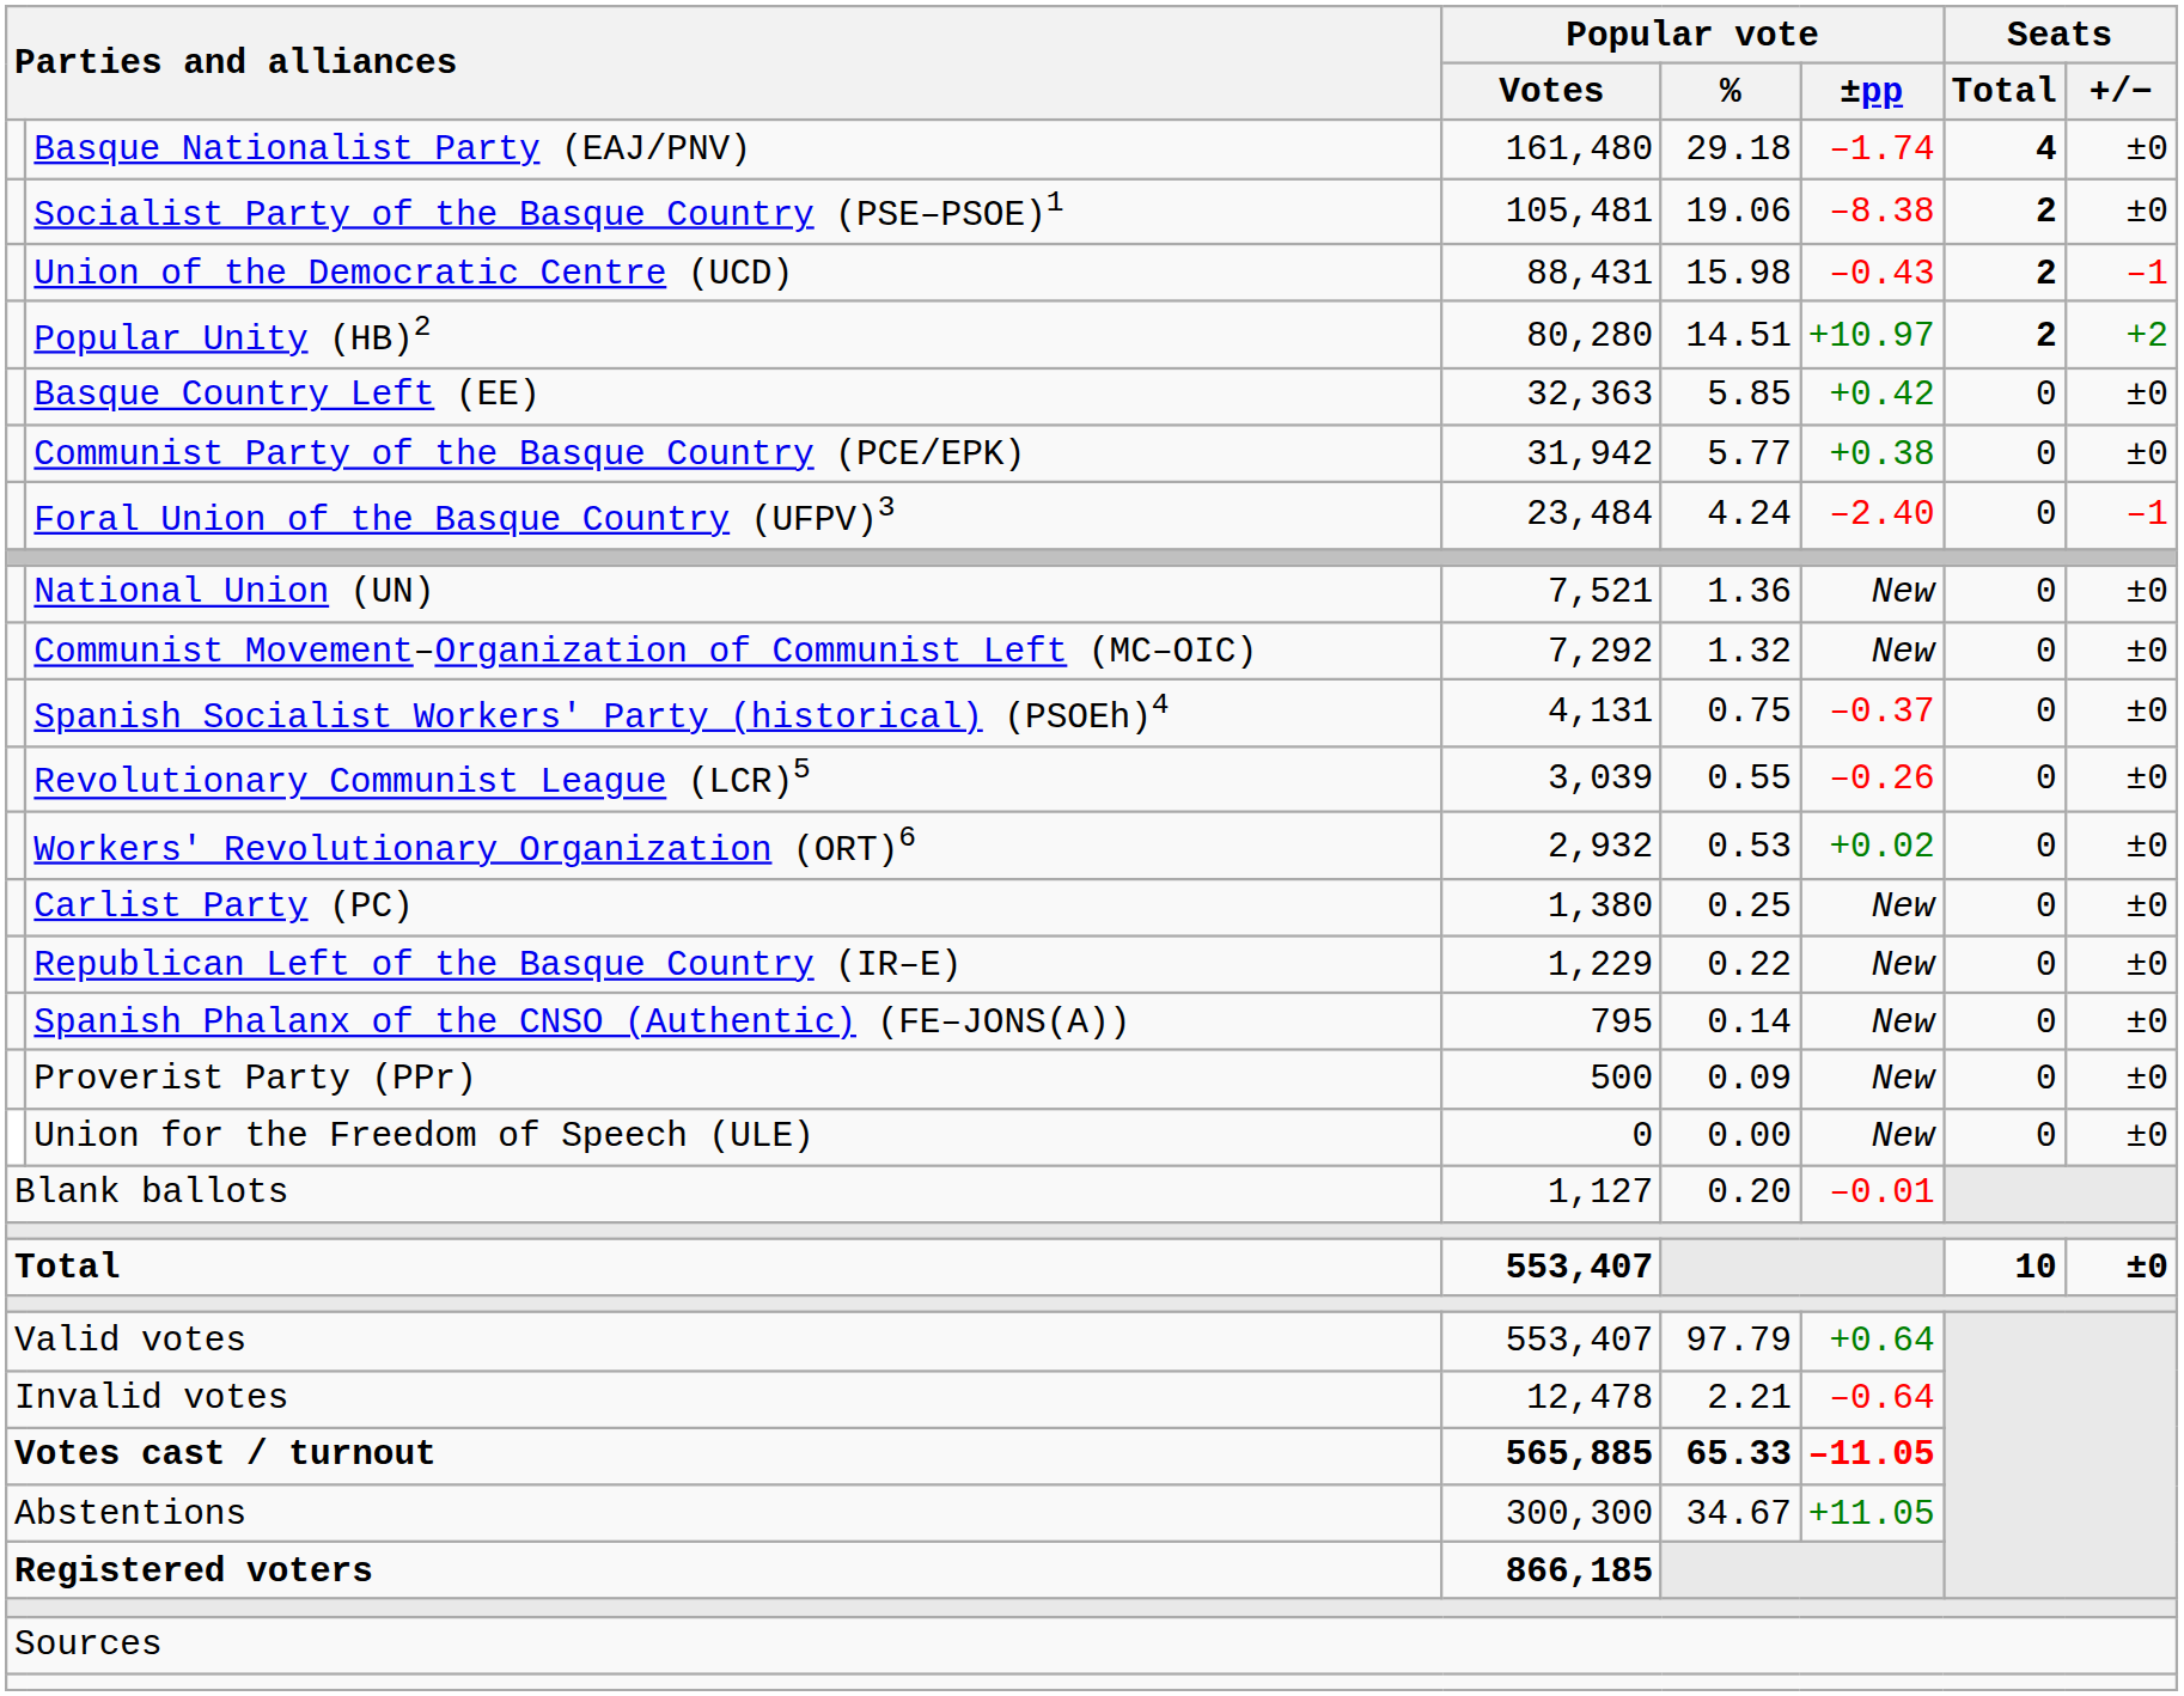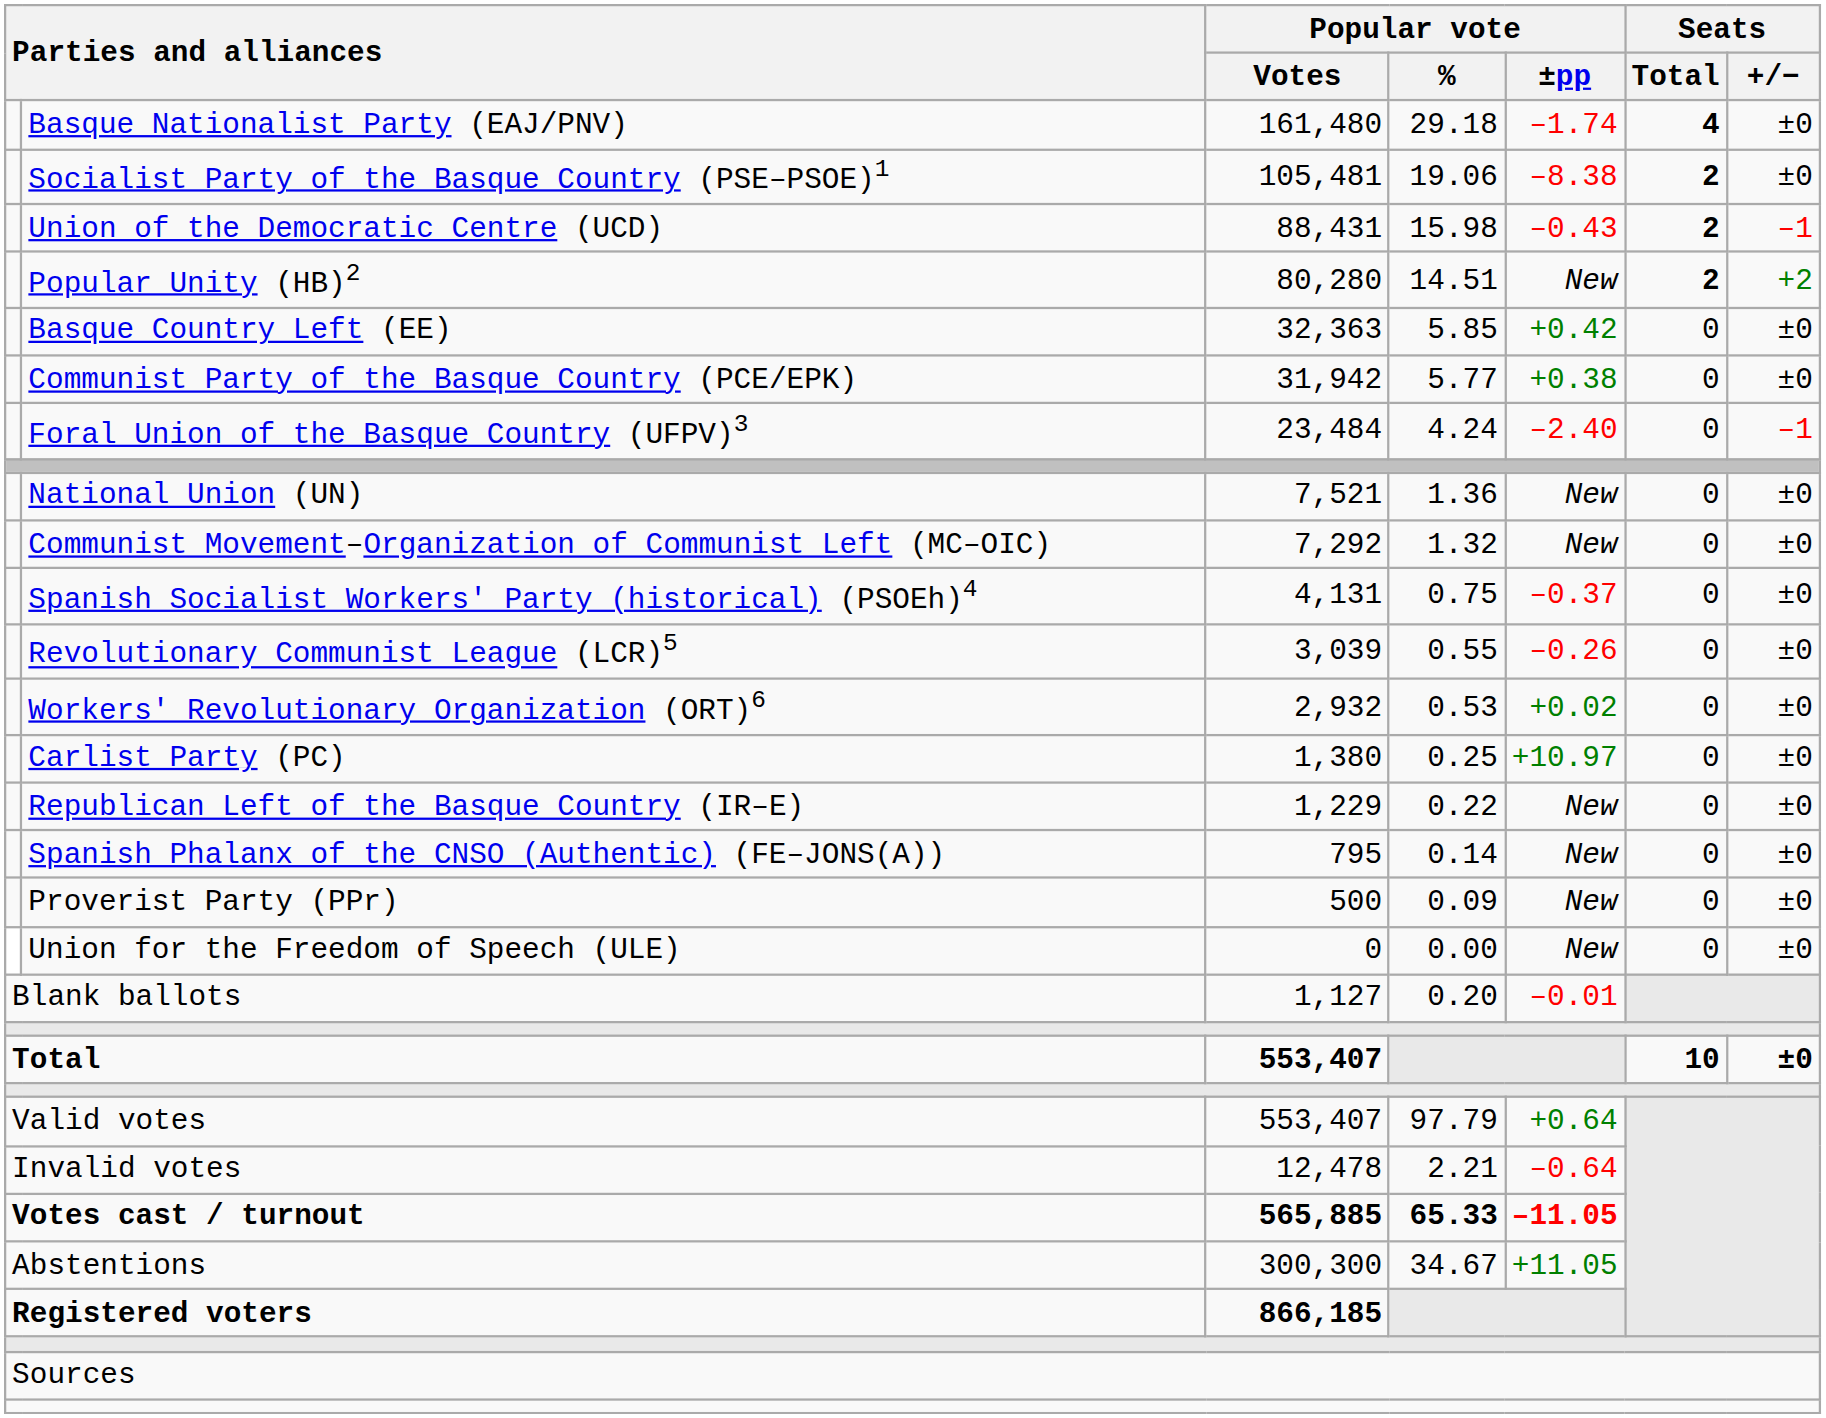 <table class="wikitable" style="text-align:right;">
 <tr>
 <th style="text-align:left;" rowspan="2" colspan="2" width="525">Parties and alliances</th>
 <th colspan="3">Popular vote</th>
 <th colspan="2">Seats</th>
 </tr>
 <tr>
 <th width="75">Votes</th>
 <th width="45">%</th>
 <th width="45">±<a href='#'>pp</a></th>
 <th width="35">Total</th>
 <th width="35">+/−</th>
 </tr>
 <tr>
 <td width="1" style="color:inherit;background:"></td>
 <td align="left"><a href='#'>Basque Nationalist Party</a> (EAJ/PNV)</td>
 <td>161,480</td>
 <td>29.18</td>
 <td style="color:red;">–1.74</td>
 <td><strong>4</strong></td>
 <td>±0</td>
 </tr>
 <tr>
 <td style="color:inherit;background:"></td>
 <td align="left"><a href='#'>Socialist Party of the Basque Country</a> (PSE–PSOE)<sup>1</sup></td>
 <td>105,481</td>
 <td>19.06</td>
 <td style="color:red;">–8.38</td>
 <td><strong>2</strong></td>
 <td>±0</td>
 </tr>
 <tr>
 <td style="color:inherit;background:"></td>
 <td align="left"><a href='#'>Union of the Democratic Centre</a> (UCD)</td>
 <td>88,431</td>
 <td>15.98</td>
 <td style="color:red;">–0.43</td>
 <td><strong>2</strong></td>
 <td style="color:red;">–1</td>
 </tr>
 <tr>
 <td style="color:inherit;background:"></td>
 <td align="left"><a href='#'>Popular Unity</a> (HB)<sup>2</sup></td>
 <td>80,280</td>
 <td>14.51</td>
-<td style="color:green;">+10.97</td>
+<td><em>New</em></td>
 <td><strong>2</strong></td>
 <td style="color:green;">+2</td>
 </tr>
 <tr>
 <td style="color:inherit;background:"></td>
 <td align="left"><a href='#'>Basque Country Left</a> (EE)</td>
 <td>32,363</td>
 <td>5.85</td>
 <td style="color:green;">+0.42</td>
 <td>0</td>
 <td>±0</td>
 </tr>
 <tr>
 <td style="color:inherit;background:"></td>
 <td align="left"><a href='#'>Communist Party of the Basque Country</a> (PCE/EPK)</td>
 <td>31,942</td>
 <td>5.77</td>
 <td style="color:green;">+0.38</td>
 <td>0</td>
 <td>±0</td>
 </tr>
 <tr>
 <td style="color:inherit;background:"></td>
 <td align="left"><a href='#'>Foral Union of the Basque Country</a> (UFPV)<sup>3</sup></td>
 <td>23,484</td>
 <td>4.24</td>
 <td style="color:red;">–2.40</td>
 <td>0</td>
 <td style="color:red;">–1</td>
 </tr>
 <tr>
 <td colspan="7" bgcolor="#C0C0C0"></td>
 </tr>
 <tr>
 <td style="color:inherit;background:"></td>
 <td align="left"><a href='#'>National Union</a> (UN)</td>
 <td>7,521</td>
 <td>1.36</td>
 <td><em>New</em></td>
 <td>0</td>
 <td>±0</td>
 </tr>
 <tr>
 <td style="color:inherit;background:"></td>
 <td align="left"><a href='#'>Communist Movement</a>–<a href='#'>Organization of Communist Left</a> (MC–OIC)</td>
 <td>7,292</td>
 <td>1.32</td>
 <td><em>New</em></td>
 <td>0</td>
 <td>±0</td>
 </tr>
 <tr>
 <td style="color:inherit;background:"></td>
 <td align="left"><a href='#'>Spanish Socialist Workers' Party (historical)</a> (PSOEh)<sup>4</sup></td>
 <td>4,131</td>
 <td>0.75</td>
 <td style="color:red;">–0.37</td>
 <td>0</td>
 <td>±0</td>
 </tr>
 <tr>
 <td style="color:inherit;background:"></td>
 <td align="left"><a href='#'>Revolutionary Communist League</a> (LCR)<sup>5</sup></td>
 <td>3,039</td>
 <td>0.55</td>
 <td style="color:red;">–0.26</td>
 <td>0</td>
 <td>±0</td>
 </tr>
 <tr>
 <td style="color:inherit;background:"></td>
 <td align="left"><a href='#'>Workers' Revolutionary Organization</a> (ORT)<sup>6</sup></td>
 <td>2,932</td>
 <td>0.53</td>
 <td style="color:green;">+0.02</td>
 <td>0</td>
 <td>±0</td>
 </tr>
 <tr>
 <td style="color:inherit;background:"></td>
 <td align="left"><a href='#'>Carlist Party</a> (PC)</td>
 <td>1,380</td>
 <td>0.25</td>
-<td><em>New</em></td>
+<td style="color:green;">+10.97</td>
 <td>0</td>
 <td>±0</td>
 </tr>
 <tr>
 <td style="color:inherit;background:"></td>
 <td align="left"><a href='#'>Republican Left of the Basque Country</a> (IR–E)</td>
 <td>1,229</td>
 <td>0.22</td>
 <td><em>New</em></td>
 <td>0</td>
 <td>±0</td>
 </tr>
 <tr>
 <td style="color:inherit;background:"></td>
 <td align="left"><a href='#'>Spanish Phalanx of the CNSO (Authentic)</a> (FE–JONS(A))</td>
 <td>795</td>
 <td>0.14</td>
 <td><em>New</em></td>
 <td>0</td>
 <td>±0</td>
 </tr>
 <tr>
 <td style="color:inherit;background:"></td>
 <td align="left">Proverist Party (PPr)</td>
 <td>500</td>
 <td>0.09</td>
 <td><em>New</em></td>
 <td>0</td>
 <td>±0</td>
 </tr>
 <tr>
 <td bgcolor="white"></td>
 <td align="left">Union for the Freedom of Speech (ULE)</td>
 <td>0</td>
 <td>0.00</td>
 <td><em>New</em></td>
 <td>0</td>
 <td>±0</td>
 </tr>
 <tr>
 <td align="left" colspan="2">Blank ballots</td>
 <td>1,127</td>
 <td>0.20</td>
 <td style="color:red;">–0.01</td>
 <td bgcolor="#E9E9E9" colspan="2"></td>
 </tr>
 <tr>
 <td colspan="7" bgcolor="#E9E9E9"></td>
 </tr>
 <tr style="font-weight:bold;">
 <td align="left" colspan="2">Total</td>
 <td>553,407</td>
 <td bgcolor="#E9E9E9" colspan="2"></td>
 <td>10</td>
 <td>±0</td>
 </tr>
 <tr>
 <td colspan="7" bgcolor="#E9E9E9"></td>
 </tr>
 <tr>
 <td align="left" colspan="2">Valid votes</td>
 <td>553,407</td>
 <td>97.79</td>
 <td style="color:green;">+0.64</td>
 <td bgcolor="#E9E9E9" colspan="2" rowspan="5"></td>
 </tr>
 <tr>
 <td align="left" colspan="2">Invalid votes</td>
 <td>12,478</td>
 <td>2.21</td>
 <td style="color:red;">–0.64</td>
 </tr>
 <tr style="font-weight:bold;">
 <td align="left" colspan="2">Votes cast / turnout</td>
 <td>565,885</td>
 <td>65.33</td>
 <td style="color:red;">–11.05</td>
 </tr>
 <tr>
 <td align="left" colspan="2">Abstentions</td>
 <td>300,300</td>
 <td>34.67</td>
 <td style="color:green;">+11.05</td>
 </tr>
 <tr style="font-weight:bold;">
 <td align="left" colspan="2">Registered voters</td>
 <td>866,185</td>
 <td bgcolor="#E9E9E9" colspan="2"></td>
 </tr>
 <tr>
 <td colspan="7" bgcolor="#E9E9E9"></td>
 </tr>
 <tr>
 <td align="left" colspan="7">Sources</td>
 </tr>
 <tr>
 <td colspan="7" style="text-align:left; max-width:790px;"></td>
 </tr>
 </table>
